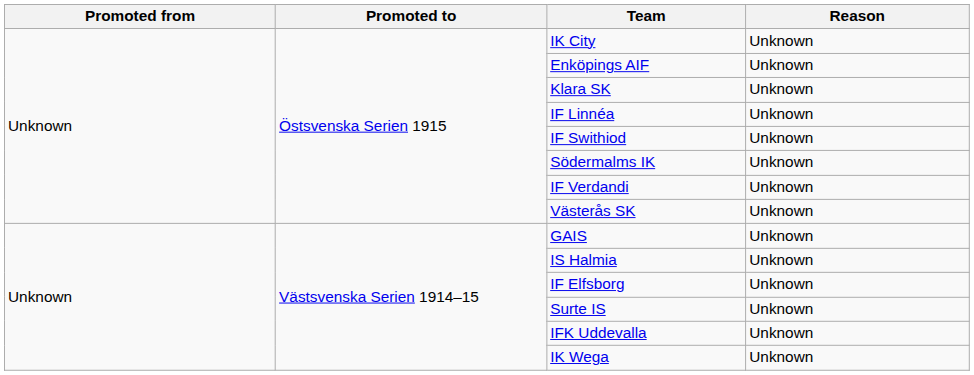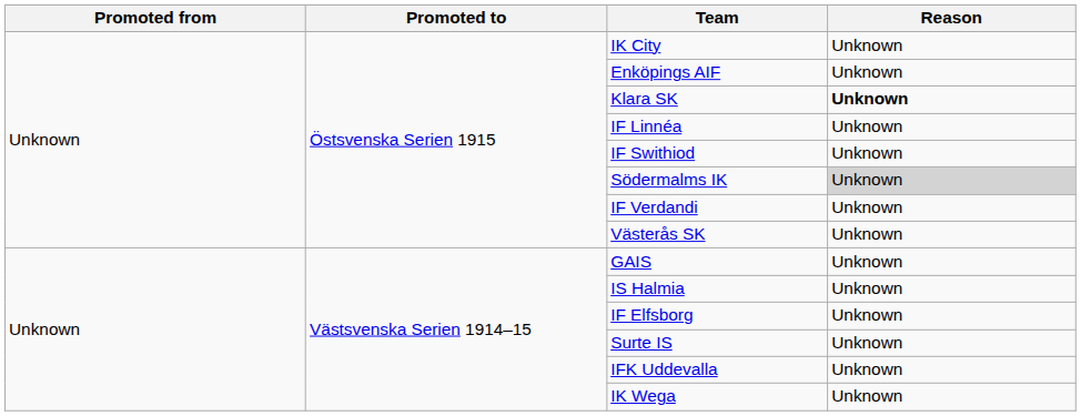 <table class="wikitable" style="text-align: left;">
 <tr>
 <th style="width: 275px;">Promoted from</th>
 <th style="width: 275px;">Promoted to</th>
 <th style="width: 200px;">Team</th>
 <th style="width: 225px;">Reason</th>
 </tr>
 <tr>
 <td rowspan=8>Unknown</td>
 <td rowspan=8><a href='#'>Östsvenska Serien</a> 1915</td>
 <td><a href='#'>IK City</a></td>
 <td>Unknown</td>
 </tr>
 <tr>
 <td><a href='#'>Enköpings AIF</a></td>
 <td>Unknown</td>
 </tr>
 <tr>
 <td><a href='#'>Klara SK</a></td>
-<td>Unknown</td>
+<td><strong>Unknown</strong></td>
 </tr>
 <tr>
 <td><a href='#'>IF Linnéa</a></td>
 <td>Unknown</td>
 </tr>
 <tr>
 <td><a href='#'>IF Swithiod</a></td>
 <td>Unknown</td>
 </tr>
 <tr>
 <td><a href='#'>Södermalms IK</a></td>
-<td>Unknown</td>
+<td style="background: lightgrey;">Unknown</td>
 </tr>
 <tr>
 <td><a href='#'>IF Verdandi</a></td>
 <td>Unknown</td>
 </tr>
 <tr>
 <td><a href='#'>Västerås SK</a></td>
 <td>Unknown</td>
 </tr>
 <tr>
 <td rowspan=6>Unknown</td>
 <td rowspan=6><a href='#'>Västsvenska Serien</a> 1914–15</td>
 <td><a href='#'>GAIS</a></td>
 <td>Unknown</td>
 </tr>
 <tr>
 <td><a href='#'>IS Halmia</a></td>
 <td>Unknown</td>
 </tr>
 <tr>
 <td><a href='#'>IF Elfsborg</a></td>
 <td>Unknown</td>
 </tr>
 <tr>
 <td><a href='#'>Surte IS</a></td>
 <td>Unknown</td>
 </tr>
 <tr>
 <td><a href='#'>IFK Uddevalla</a></td>
 <td>Unknown</td>
 </tr>
 <tr>
 <td><a href='#'>IK Wega</a></td>
 <td>Unknown</td>
 </tr>
 </table>
